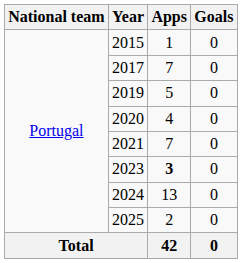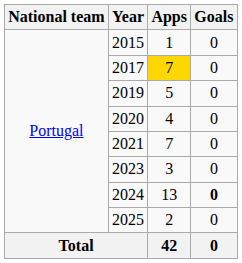 <table class=wikitable style="text-align: center;">
 <tr>
 <th>National team</th>
 <th>Year</th>
 <th>Apps</th>
 <th>Goals</th>
 </tr>
 <tr>
 <td rowspan="8"><a href='#'>Portugal</a></td>
 <td>2015</td>
 <td>1</td>
 <td>0</td>
 </tr>
 <tr>
 <td>2017</td>
-<td>7</td>
+<td style="background: gold;">7</td>
 <td>0</td>
 </tr>
 <tr>
 <td>2019</td>
 <td>5</td>
 <td>0</td>
 </tr>
 <tr>
 <td>2020</td>
 <td>4</td>
 <td>0</td>
 </tr>
 <tr>
 <td>2021</td>
 <td>7</td>
 <td>0</td>
 </tr>
 <tr>
 <td>2023</td>
-<td><strong>3</strong></td>
+<td>3</td>
 <td>0</td>
 </tr>
 <tr>
 <td>2024</td>
 <td>13</td>
-<td>0</td>
+<td><strong>0</strong></td>
 </tr>
 <tr>
 <td>2025</td>
 <td>2</td>
 <td>0</td>
 </tr>
 <tr>
 <th colspan=2>Total</th>
 <th>42</th>
 <th>0</th>
 </tr>
 </table>
